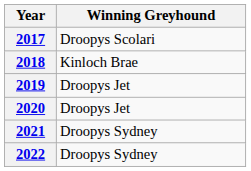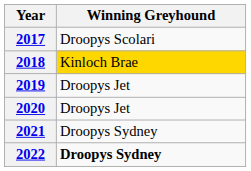 <table class="wikitable">
 <tr>
 <th width=50>Year</th>
 <th width=200>Winning Greyhound</th>
 </tr>
 <tr>
 <th><a href='#'>2017</a></th>
 <td>Droopys Scolari </td>
 </tr>
 <tr>
 <th><a href='#'>2018</a></th>
-<td>Kinloch Brae </td>
+<td style="background: gold;">Kinloch Brae </td>
 </tr>
 <tr>
 <th><a href='#'>2019</a></th>
 <td>Droopys Jet </td>
 </tr>
 <tr>
 <th><a href='#'>2020</a></th>
 <td>Droopys Jet</td>
 </tr>
 <tr>
 <th><a href='#'>2021</a></th>
 <td>Droopys Sydney</td>
 </tr>
 <tr>
 <th><a href='#'>2022</a></th>
-<td>Droopys Sydney</td>
+<td><strong>Droopys Sydney</strong></td>
 </tr>
 </table>
